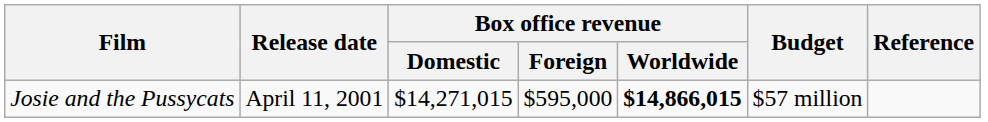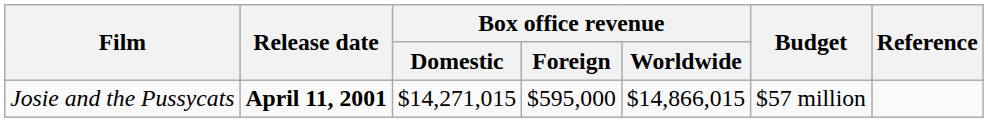 <table class="wikitable">
 <tr>
 <th rowspan="2" style="text-align:center;"><strong>Film</strong></th>
 <th rowspan="2" style="text-align:center;"><strong>Release date</strong></th>
 <th colspan="3" style="text-align:center;"><strong>Box office revenue</strong></th>
 <th rowspan="2" style="text-align:center;"><strong>Budget</strong></th>
 <th rowspan="2" style="text-align:center;"><strong>Reference</strong></th>
 </tr>
 <tr>
 <th style="text-align:center;"><strong>Domestic</strong></th>
 <th style="text-align:center;"><strong>Foreign</strong></th>
 <th style="text-align:center;"><strong>Worldwide</strong></th>
 </tr>
 <tr>
 <td><em>Josie and the Pussycats</em></td>
-<td>April 11, 2001</td>
+<td><strong>April 11, 2001</strong></td>
 <td style="text-align:center;">$14,271,015</td>
 <td style="text-align:center;">$595,000</td>
-<td style="text-align:center;"><strong>$14,866,015</strong></td>
+<td style="text-align:center;">$14,866,015</td>
 <td style="text-align:center;">$57 million</td>
 <td style="text-align:center;"></td>
 </tr>
 </table>
